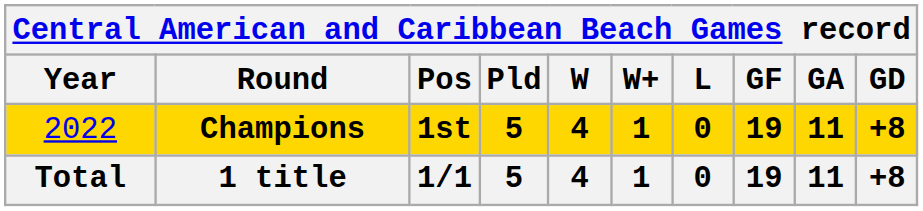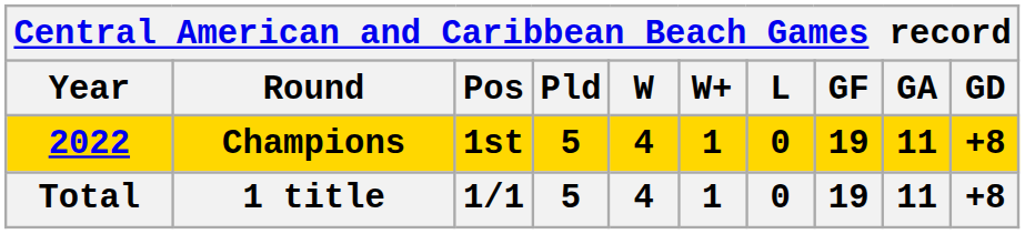 <table class="wikitable" style="text-align: center;">
 <tr>
 <th colspan=10><a href='#'>Central American and Caribbean Beach Games</a> record</th>
 </tr>
 <tr>
 <th>Year</th>
 <th>Round</th>
 <th width=20>Pos</th>
 <th width=20>Pld</th>
 <th width=20>W</th>
 <th width=20>W+</th>
 <th width=20>L</th>
 <th width=20>GF</th>
 <th width=20>GA</th>
 <th width=20>GD</th>
 </tr>
 <tr style="background:Gold;">
-<td> <a href='#'>2022</a></td>
+<td><strong> <a href='#'>2022</a></strong></td>
 <td><strong>Champions</strong></td>
 <td><strong>1st</strong></td>
 <td><strong>5</strong></td>
 <td><strong>4</strong></td>
 <td><strong>1</strong></td>
 <td><strong>0</strong></td>
 <td><strong>19</strong></td>
 <td><strong>11</strong></td>
 <td><strong>+8</strong></td>
 </tr>
 <tr>
 <th>Total</th>
 <th>1 title</th>
 <th>1/1</th>
 <th>5</th>
 <th>4</th>
 <th>1</th>
 <th>0</th>
 <th>19</th>
 <th>11</th>
 <th>+8</th>
 </tr>
 </table>
